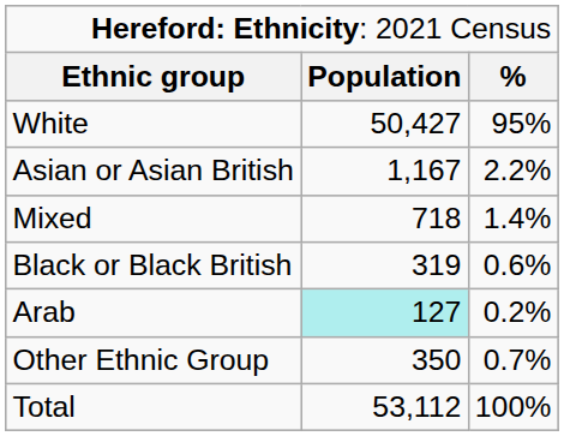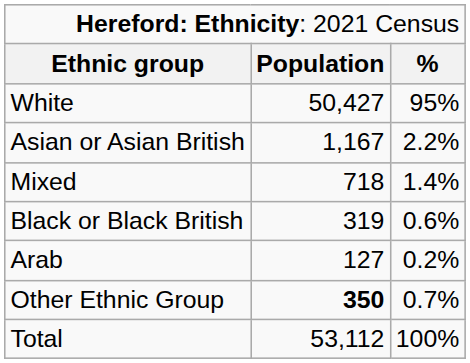 <table class="wikitable">
 <tr>
 <td colspan="14" style="text-align:right;"><strong>Hereford: Ethnicity</strong>: 2021 Census</td>
 </tr>
 <tr>
 <th>Ethnic group</th>
 <th>Population</th>
 <th>%</th>
 </tr>
 <tr>
 <td>White</td>
 <td style="text-align:right;">50,427</td>
 <td style="text-align:right;">95%</td>
 </tr>
 <tr>
 <td>Asian or Asian British</td>
 <td style="text-align:right;">1,167</td>
 <td style="text-align:right;">2.2%</td>
 </tr>
 <tr>
 <td>Mixed</td>
 <td style="text-align:right;">718</td>
 <td style="text-align:right;">1.4%</td>
 </tr>
 <tr>
 <td>Black or Black British</td>
 <td style="text-align:right;">319</td>
 <td style="text-align:right;">0.6%</td>
 </tr>
 <tr>
 <td>Arab</td>
-<td style="background: paleturquoise; text-align:right;">127</td>
+<td style="text-align:right;">127</td>
 <td style="text-align:right;">0.2%</td>
 </tr>
 <tr>
 <td>Other Ethnic Group</td>
-<td style="text-align:right;">350</td>
+<td style="text-align:right;"><strong>350</strong></td>
 <td style="text-align:right;">0.7%</td>
 </tr>
 <tr>
 <td>Total</td>
 <td style="text-align:right;">53,112</td>
 <td style="text-align:right;">100%</td>
 </tr>
 </table>
